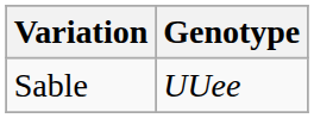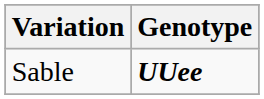 <table class="wikitable" style="margin:1em auto;">
 <tr>
 <th>Variation</th>
 <th>Genotype</th>
 </tr>
 <tr>
 <td>Sable</td>
-<td><em>UUee</em></td>
+<td><strong><em>UUee</em></strong></td>
 </tr>
 </table>
